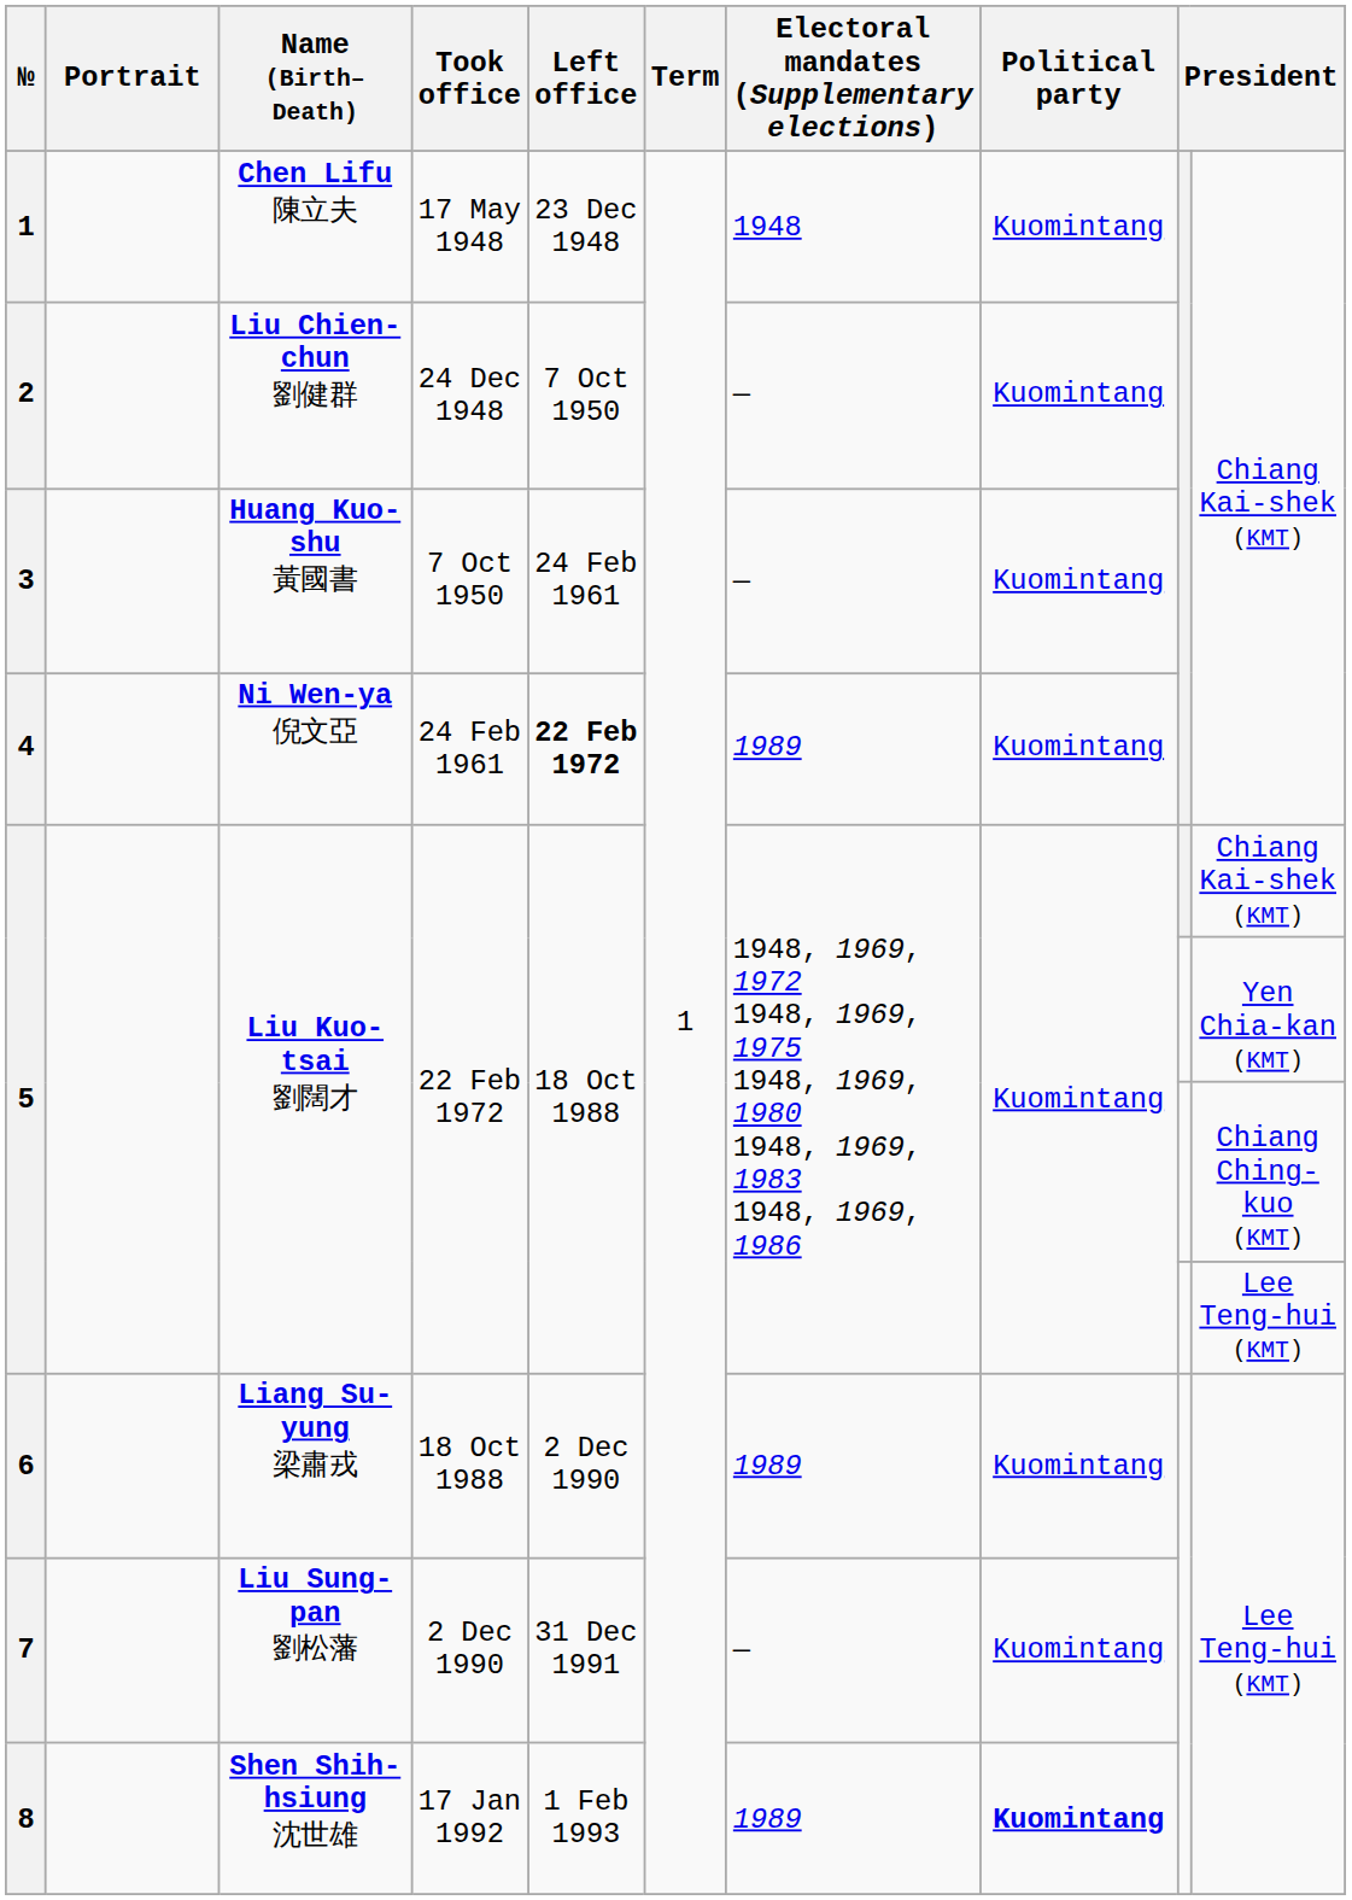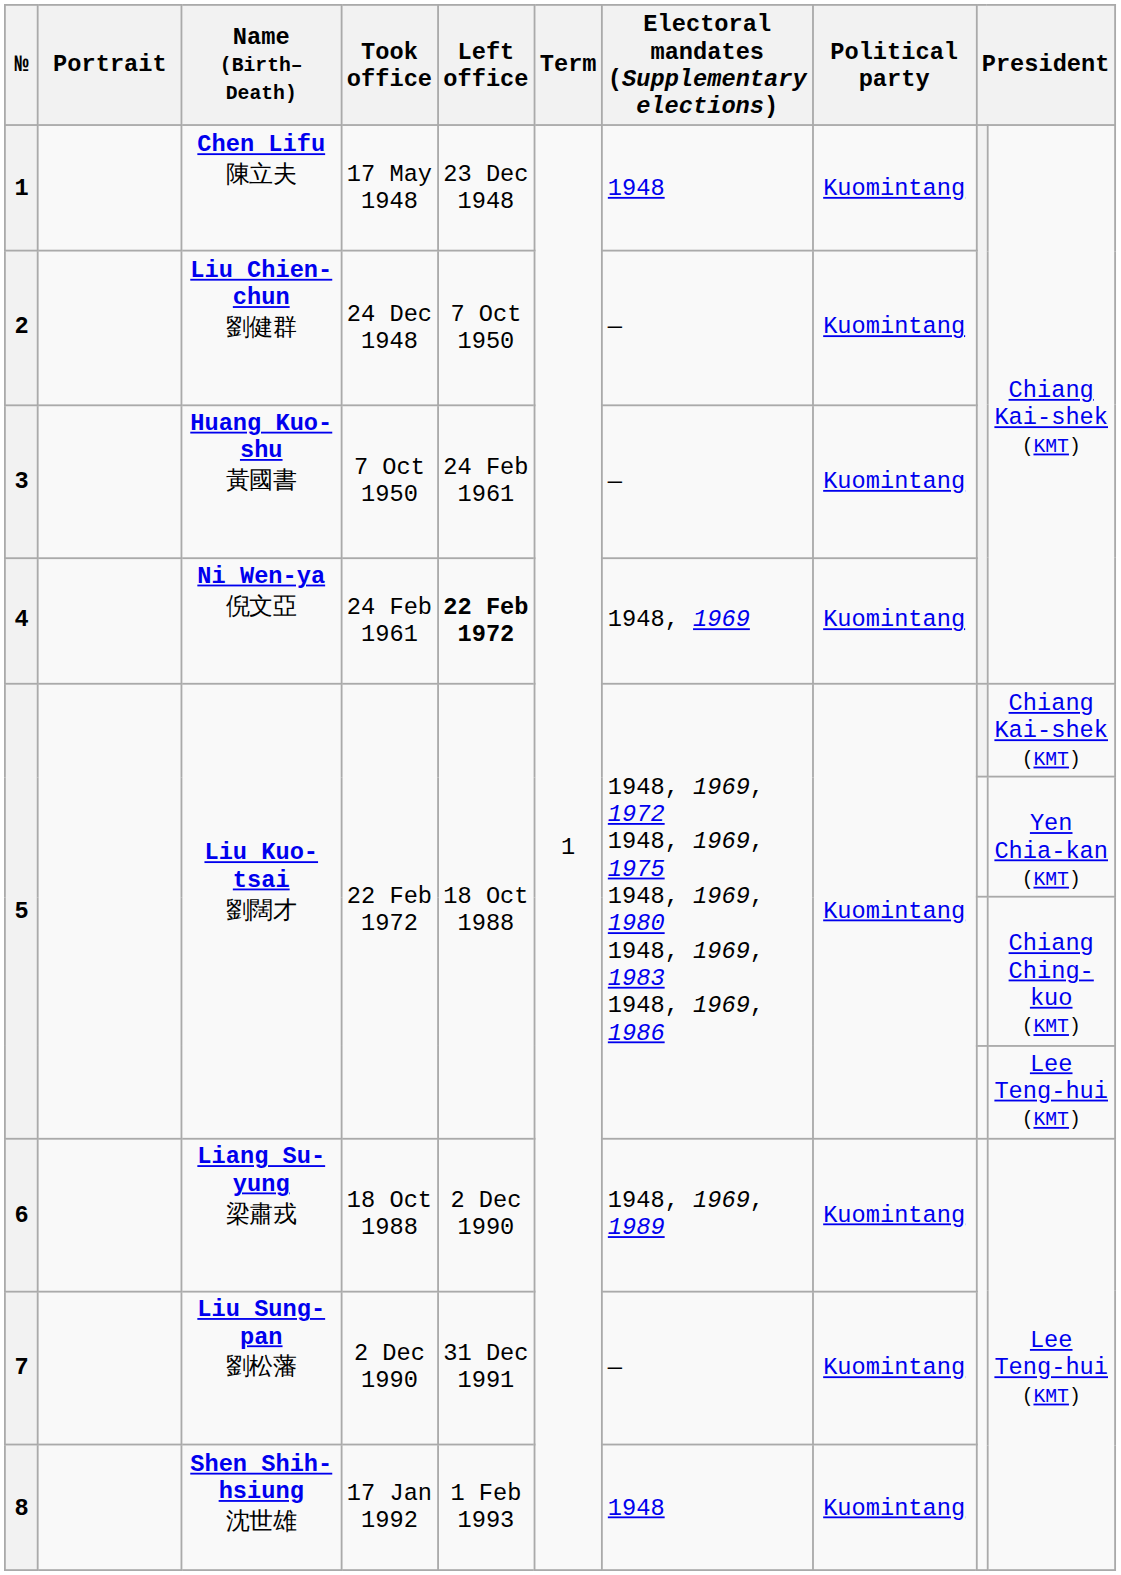 <table class=wikitable style="text-align:center;">
 <tr>
 <th style="width:25px;">№</th>
 <th style="width:100px;">Portrait</th>
 <th width=180px>Name<br><small>(Birth–Death)</small></th>
 <th>Took office</th>
 <th>Left office</th>
 <th style="width:25px;">Term</th>
 <th width="width:150px">Electoral mandates<br>(<em>Supplementary elections</em>)</th>
 <th style="width:100px;">Political party</th>
 <th colspan=2 width="width:200px">President</th>
 </tr>
 <tr>
 <th style="background:">1</th>
 <td></td>
 <td align=center><strong><a href='#'>Chen Lifu</a></strong><br><span>陳立夫</span><br><br><br></td>
 <td>17 May 1948</td>
 <td>23 Dec 1948</td>
 <td rowspan=11>1</td>
 <td align=left><a href='#'>1948</a></td>
 <td><a href='#'>Kuomintang</a></td>
 <th rowspan=4 style="background:"></th>
 <td rowspan=4><br><a href='#'>Chiang Kai-shek</a><br><small>(<a href='#'>KMT</a>)</small></td>
 </tr>
 <tr>
 <th style="background:">2</th>
 <td></td>
 <td align=center><strong><a href='#'>Liu Chien-chun</a></strong><br><span>劉健群</span><br><br><br></td>
 <td>24 Dec 1948</td>
 <td>7 Oct 1950</td>
 <td align=left>—</td>
 <td><a href='#'>Kuomintang</a></td>
 </tr>
 <tr>
 <th style="background:">3</th>
 <td></td>
 <td align=center><strong><a href='#'>Huang Kuo-shu</a></strong><br><span>黃國書</span><br><br><br></td>
 <td>7 Oct 1950</td>
 <td>24 Feb 1961</td>
 <td align=left>—</td>
 <td><a href='#'>Kuomintang</a></td>
 </tr>
 <tr>
 <th style="background:">4</th>
 <td></td>
 <td align=center><strong><a href='#'>Ni Wen-ya</a></strong><br><span>倪文亞</span><br><br><br></td>
 <td>24 Feb 1961</td>
 <td><strong>22 Feb 1972</strong></td>
-<td align=left><em><a href='#'>1989</a></em></td>
+<td align=left>1948, <em><a href='#'>1969</a></em></td>
 <td><a href='#'>Kuomintang</a></td>
 </tr>
 <tr>
 <th rowspan=4 style="background:">5</th>
 <td rowspan=4></td>
 <td align=center rowspan=4><strong><a href='#'>Liu Kuo-tsai</a></strong><br><span>劉闊才</span><br><br><br></td>
 <td rowspan=4>22 Feb 1972</td>
 <td rowspan=4>18 Oct 1988</td>
 <td align=left rowspan=4>1948, <em>1969</em>, <em><a href='#'>1972</a></em> <br>1948, <em>1969</em>, <em><a href='#'>1975</a></em> <br>1948, <em>1969</em>, <em><a href='#'>1980</a></em> <br>1948, <em>1969</em>, <em><a href='#'>1983</a></em> <br>1948, <em>1969</em>, <em><a href='#'>1986</a></em></td>
 <td rowspan=4><a href='#'>Kuomintang</a></td>
 <th style="background:"></th>
 <td><a href='#'>Chiang Kai-shek</a><br><small>(<a href='#'>KMT</a>)</small></td>
 </tr>
 <tr>
 <td style="background:"></td>
 <td><br><a href='#'>Yen Chia-kan</a><br><small>(<a href='#'>KMT</a>)</small></td>
 </tr>
 <tr>
 <td style="background:"></td>
 <td><br><a href='#'>Chiang Ching-kuo</a><br><small>(<a href='#'>KMT</a>)</small></td>
 </tr>
 <tr>
 <td style="background:"></td>
 <td><a href='#'>Lee Teng-hui</a><br><small>(<a href='#'>KMT</a>)</small></td>
 </tr>
 <tr>
 <th style="background:">6</th>
 <td></td>
 <td align=center><strong><a href='#'>Liang Su-yung</a></strong><br><span>梁肅戎</span><br><br><br></td>
 <td>18 Oct 1988</td>
 <td>2 Dec 1990</td>
-<td align=left><em><a href='#'>1989</a></em></td>
+<td align=left>1948, <em>1969</em>, <em><a href='#'>1989</a></em></td>
 <td><a href='#'>Kuomintang</a></td>
 <td rowspan=3 style="background:"></td>
 <td rowspan=3> <br><a href='#'>Lee Teng-hui</a><br><small>(<a href='#'>KMT</a>)</small></td>
 </tr>
 <tr>
 <th style="background:">7</th>
 <td></td>
 <td align=center><strong><a href='#'>Liu Sung-pan</a></strong><br><span>劉松藩</span><br><br><br></td>
 <td>2 Dec 1990</td>
 <td>31 Dec 1991</td>
 <td align=left>—</td>
 <td><a href='#'>Kuomintang</a></td>
 </tr>
 <tr>
 <th style="background:">8</th>
 <td></td>
 <td align=center><strong><a href='#'>Shen Shih-hsiung</a></strong><br><span>沈世雄</span><br><br></td>
 <td>17 Jan 1992</td>
 <td>1 Feb 1993</td>
-<td align=left><em><a href='#'>1989</a></em></td>
-<td><strong><a href='#'>Kuomintang</a></strong></td>
+<td align=left><a href='#'>1948</a></td>
+<td><a href='#'>Kuomintang</a></td>
 </tr>
 </table>
